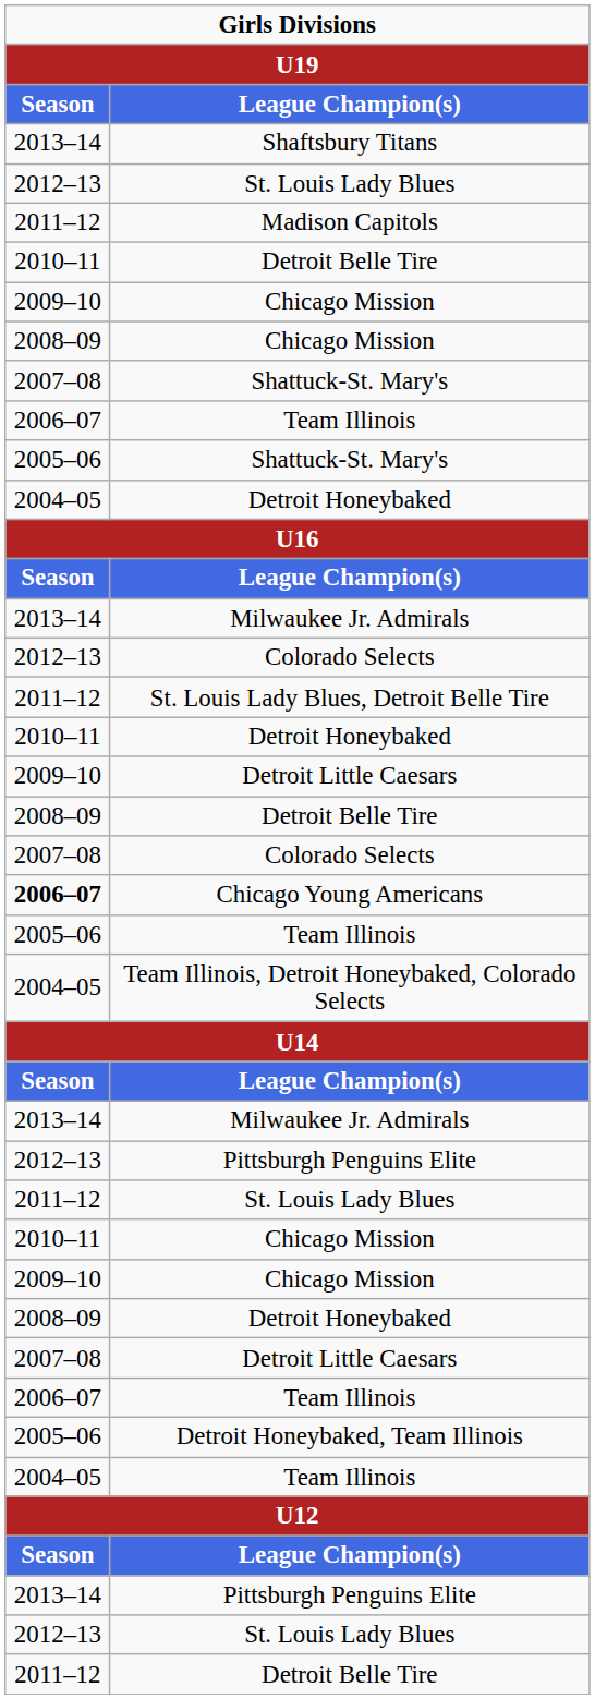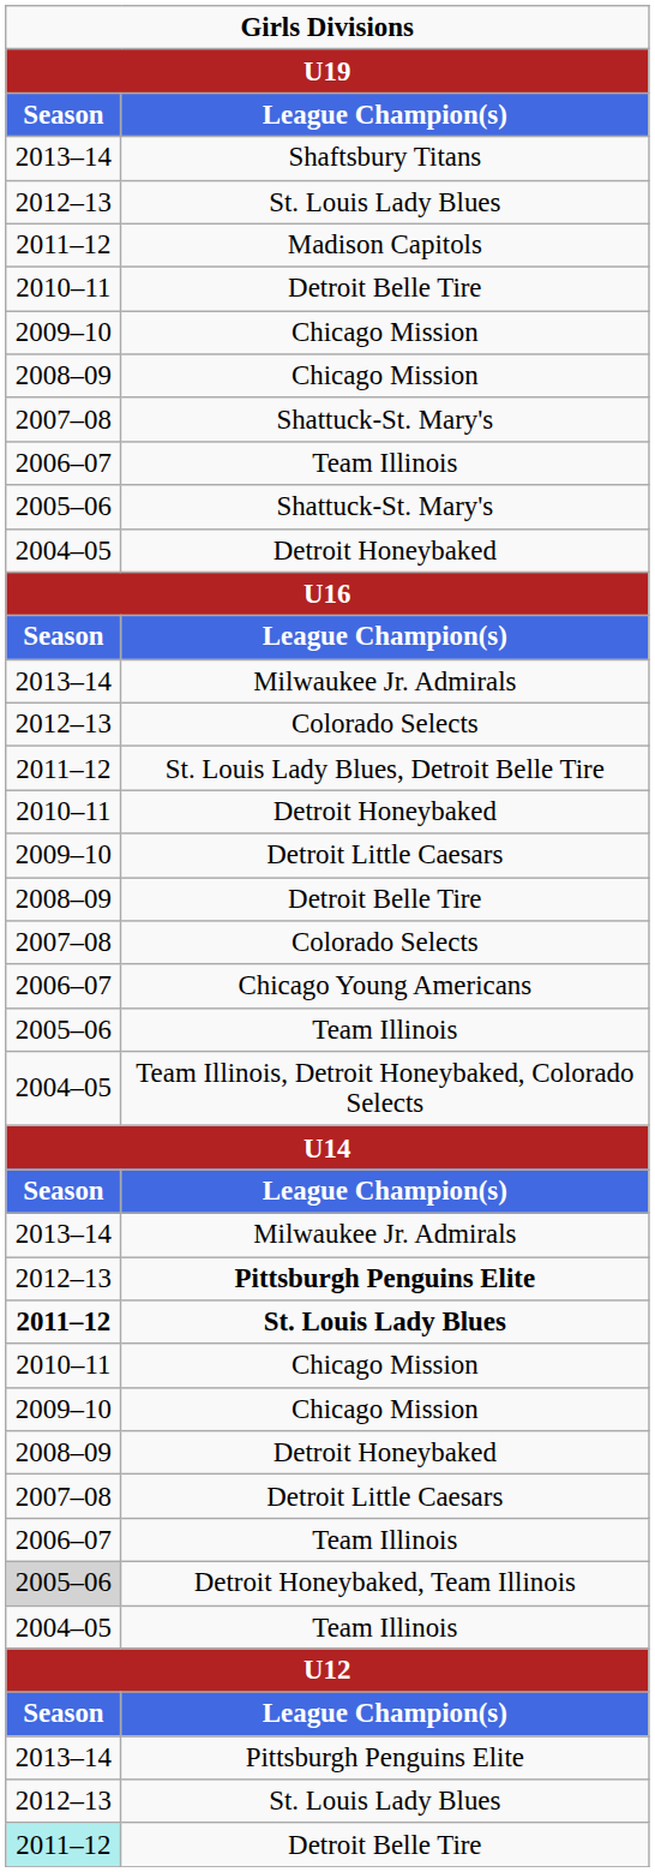 <table class="wikitable sortable" style="text-align:center">
 <tr>
 <td colspan="2"><strong>Girls Divisions</strong></td>
 </tr>
 <tr>
 <td colspan="5" style= "background: #B22222; color: #FFFFFF"><strong>U19</strong></td>
 </tr>
 <tr>
 <th width=60px style="background: #4169E1; color: #FFFFFF">Season</th>
 <th width=300px style="background: #4169E1; color: #FFFFFF">League Champion(s)</th>
 </tr>
 <tr>
 <td>2013–14</td>
 <td>Shaftsbury Titans</td>
 </tr>
 <tr>
 <td>2012–13</td>
 <td>St. Louis Lady Blues</td>
 </tr>
 <tr>
 <td>2011–12</td>
 <td>Madison Capitols</td>
 </tr>
 <tr>
 <td>2010–11</td>
 <td>Detroit Belle Tire</td>
 </tr>
 <tr>
 <td>2009–10</td>
 <td>Chicago Mission</td>
 </tr>
 <tr>
 <td>2008–09</td>
 <td>Chicago Mission</td>
 </tr>
 <tr>
 <td>2007–08</td>
 <td>Shattuck-St. Mary's</td>
 </tr>
 <tr>
 <td>2006–07</td>
 <td>Team Illinois</td>
 </tr>
 <tr>
 <td>2005–06</td>
 <td>Shattuck-St. Mary's</td>
 </tr>
 <tr>
 <td>2004–05</td>
 <td>Detroit Honeybaked</td>
 </tr>
 <tr>
 <td colspan="5" style= "background: #B22222; color: #FFFFFF"><strong>U16</strong></td>
 </tr>
 <tr>
 <th width=60px style="background: #4169E1; color: #FFFFFF">Season</th>
 <th width=300px style="background: #4169E1; color: #FFFFFF">League Champion(s)</th>
 </tr>
 <tr>
 <td>2013–14</td>
 <td>Milwaukee Jr. Admirals</td>
 </tr>
 <tr>
 <td>2012–13</td>
 <td>Colorado Selects</td>
 </tr>
 <tr>
 <td>2011–12</td>
 <td>St. Louis Lady Blues, Detroit Belle Tire</td>
 </tr>
 <tr>
 <td>2010–11</td>
 <td>Detroit Honeybaked</td>
 </tr>
 <tr>
 <td>2009–10</td>
 <td>Detroit Little Caesars</td>
 </tr>
 <tr>
 <td>2008–09</td>
 <td>Detroit Belle Tire</td>
 </tr>
 <tr>
 <td>2007–08</td>
 <td>Colorado Selects</td>
 </tr>
 <tr>
-<td><strong>2006–07</strong></td>
+<td>2006–07</td>
 <td>Chicago Young Americans</td>
 </tr>
 <tr>
 <td>2005–06</td>
 <td>Team Illinois</td>
 </tr>
 <tr>
 <td>2004–05</td>
 <td>Team Illinois, Detroit Honeybaked, Colorado Selects</td>
 </tr>
 <tr>
 <td colspan="5" style= "background: #B22222; color: #FFFFFF"><strong>U14</strong></td>
 </tr>
 <tr>
 <th width=60px style="background: #4169E1; color: #FFFFFF">Season</th>
 <th width=300px style="background: #4169E1; color: #FFFFFF">League Champion(s)</th>
 </tr>
 <tr>
 <td>2013–14</td>
 <td>Milwaukee Jr. Admirals</td>
 </tr>
 <tr>
 <td>2012–13</td>
-<td>Pittsburgh Penguins Elite</td>
+<td><strong>Pittsburgh Penguins Elite</strong></td>
 </tr>
 <tr>
-<td>2011–12</td>
-<td>St. Louis Lady Blues</td>
+<td><strong>2011–12</strong></td>
+<td><strong>St. Louis Lady Blues</strong></td>
 </tr>
 <tr>
 <td>2010–11</td>
 <td>Chicago Mission</td>
 </tr>
 <tr>
 <td>2009–10</td>
 <td>Chicago Mission</td>
 </tr>
 <tr>
 <td>2008–09</td>
 <td>Detroit Honeybaked</td>
 </tr>
 <tr>
 <td>2007–08</td>
 <td>Detroit Little Caesars</td>
 </tr>
 <tr>
 <td>2006–07</td>
 <td>Team Illinois</td>
 </tr>
 <tr>
-<td>2005–06</td>
+<td style="background: lightgrey;">2005–06</td>
 <td>Detroit Honeybaked, Team Illinois</td>
 </tr>
 <tr>
 <td>2004–05</td>
 <td>Team Illinois</td>
 </tr>
 <tr>
 <td colspan="5" style= "background: #B22222; color: #FFFFFF"><strong>U12</strong></td>
 </tr>
 <tr>
 <th width=60px style="background: #4169E1; color: #FFFFFF">Season</th>
 <th width=300px style="background: #4169E1; color: #FFFFFF">League Champion(s)</th>
 </tr>
 <tr>
 <td>2013–14</td>
 <td>Pittsburgh Penguins Elite</td>
 </tr>
 <tr>
 <td>2012–13</td>
 <td>St. Louis Lady Blues</td>
 </tr>
 <tr>
-<td>2011–12</td>
+<td style="background: paleturquoise;">2011–12</td>
 <td>Detroit Belle Tire</td>
 </tr>
 </table>
